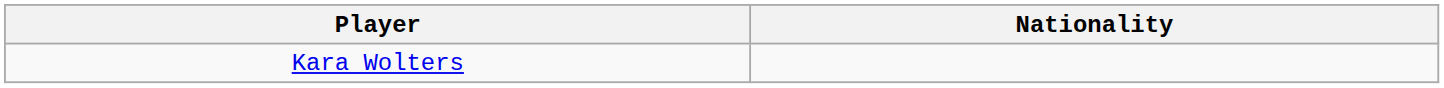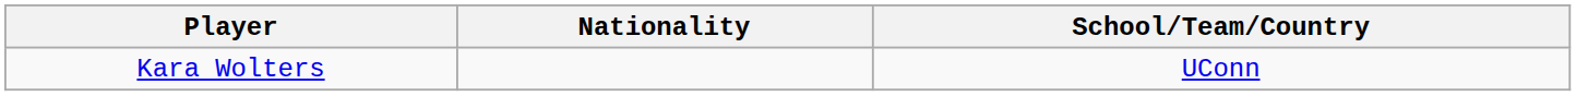 <table class="wikitable" style="text-align:center; width:60em">
 <tr>
 <th>Player</th>
 <th>Nationality</th>
+<th>School/Team/Country</th>
 </tr>
 <tr>
 <td><a href='#'>Kara Wolters</a></td>
 <td></td>
+<td><a href='#'>UConn</a></td>
 </tr>
 </table>
